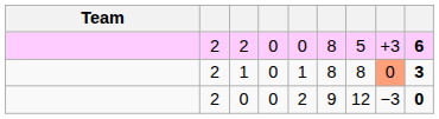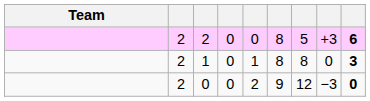 <table class="wikitable" style="text-align: center;">
 <tr>
 <th width="175">Team</th>
 <th width="20"></th>
 <th width="20"></th>
 <th width="20"></th>
 <th width="20"></th>
 <th width="20"></th>
 <th width="20"></th>
 <th width="20"></th>
 <th width="20"></th>
 </tr>
 <tr style="background-color: #ffccff;">
 <td align=left></td>
 <td>2</td>
 <td>2</td>
 <td>0</td>
 <td>0</td>
 <td>8</td>
 <td>5</td>
 <td>+3</td>
 <td><strong>6</strong></td>
 </tr>
 <tr>
 <td align=left></td>
 <td>2</td>
 <td>1</td>
 <td>0</td>
 <td>1</td>
 <td>8</td>
 <td>8</td>
-<td style="background: lightsalmon;">0</td>
+<td>0</td>
 <td><strong>3</strong></td>
 </tr>
 <tr>
 <td align=left></td>
 <td>2</td>
 <td>0</td>
 <td>0</td>
 <td>2</td>
 <td>9</td>
 <td>12</td>
 <td>−3</td>
 <td><strong>0</strong></td>
 </tr>
 </table>
